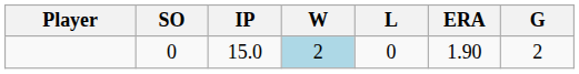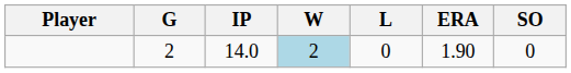 <table class="wikitable sortable">
 <tr>
 <th bgcolor="#DDDDFF" width="16%">Player</th>
-<th bgcolor="#DDDDFF" width="9%">SO</th>
+<th bgcolor="#DDDDFF" width="9%">G</th>
 <th bgcolor="#DDDDFF" width="9%">IP</th>
 <th bgcolor="#DDDDFF" width="9%">W</th>
 <th bgcolor="#DDDDFF" width="9%">L</th>
 <th bgcolor="#DDDDFF" width="9%">ERA</th>
-<th bgcolor="#DDDDFF" width="9%">G</th>
+<th bgcolor="#DDDDFF" width="9%">SO</th>
 </tr>
 <tr align="center">
 <td></td>
-<td>0</td>
-<td>15.0</td>
+<td>2</td>
+<td>14.0</td>
 <td style="background: lightblue;">2</td>
 <td>0</td>
 <td>1.90</td>
-<td>2</td>
+<td>0</td>
 </tr>
 </table>
